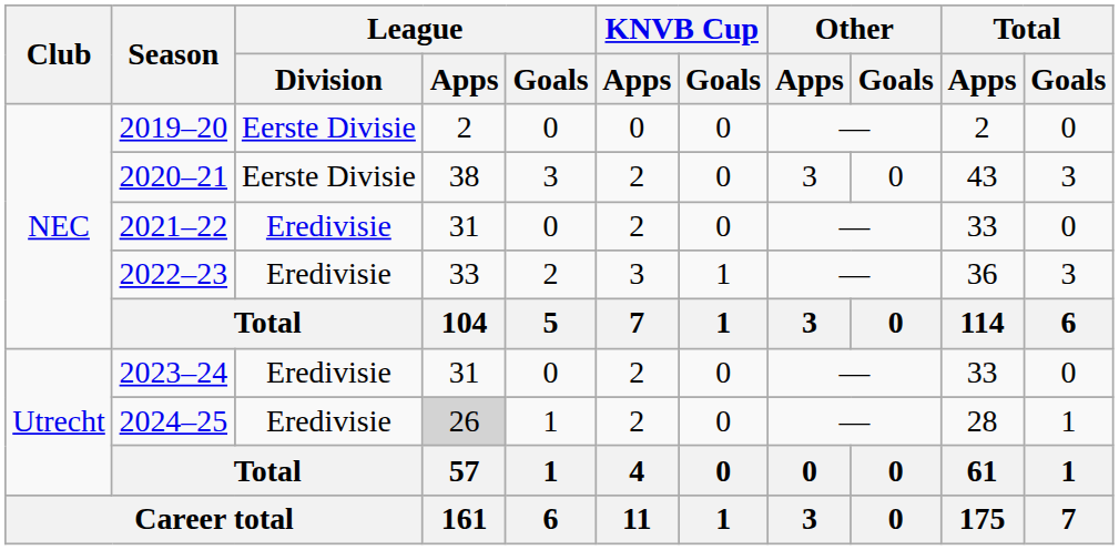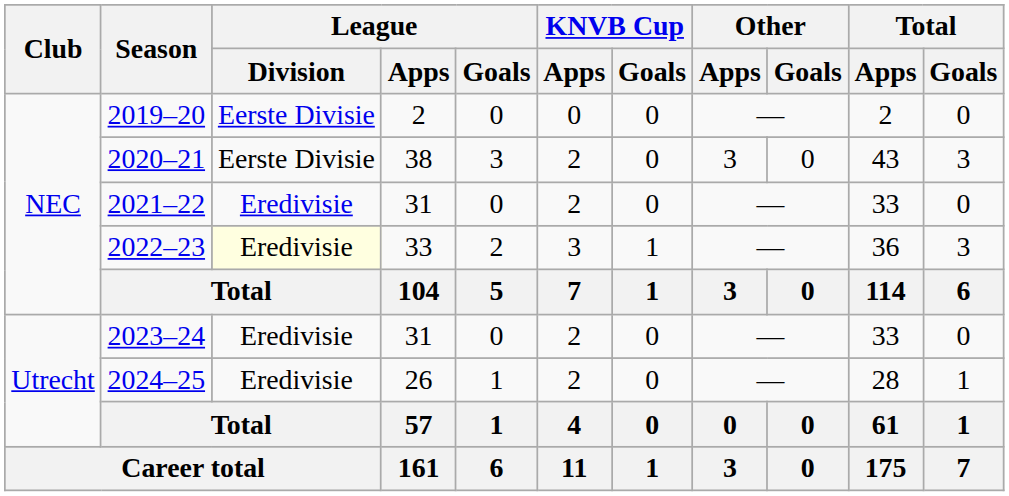 <table class="wikitable" style="text-align:center">
 <tr>
 <th rowspan="2">Club</th>
 <th rowspan="2">Season</th>
 <th colspan="3">League</th>
 <th colspan="2"><a href='#'>KNVB Cup</a></th>
 <th colspan="2">Other</th>
 <th colspan="2">Total</th>
 </tr>
 <tr>
 <th>Division</th>
 <th>Apps</th>
 <th>Goals</th>
 <th>Apps</th>
 <th>Goals</th>
 <th>Apps</th>
 <th>Goals</th>
 <th>Apps</th>
 <th>Goals</th>
 </tr>
 <tr>
 <td rowspan="5"><a href='#'>NEC</a></td>
 <td><a href='#'>2019–20</a></td>
 <td><a href='#'>Eerste Divisie</a></td>
 <td>2</td>
 <td>0</td>
 <td>0</td>
 <td>0</td>
 <td colspan="2">—</td>
 <td>2</td>
 <td>0</td>
 </tr>
 <tr>
 <td><a href='#'>2020–21</a></td>
 <td>Eerste Divisie</td>
 <td>38</td>
 <td>3</td>
 <td>2</td>
 <td>0</td>
 <td>3</td>
 <td>0</td>
 <td>43</td>
 <td>3</td>
 </tr>
 <tr>
 <td><a href='#'>2021–22</a></td>
 <td><a href='#'>Eredivisie</a></td>
 <td>31</td>
 <td>0</td>
 <td>2</td>
 <td>0</td>
 <td colspan="2">—</td>
 <td>33</td>
 <td>0</td>
 </tr>
 <tr>
 <td><a href='#'>2022–23</a></td>
-<td>Eredivisie</td>
+<td style="background: lightyellow;">Eredivisie</td>
 <td>33</td>
 <td>2</td>
 <td>3</td>
 <td>1</td>
 <td colspan="2">—</td>
 <td>36</td>
 <td>3</td>
 </tr>
 <tr>
 <th colspan="2">Total</th>
 <th>104</th>
 <th>5</th>
 <th>7</th>
 <th>1</th>
 <th>3</th>
 <th>0</th>
 <th>114</th>
 <th>6</th>
 </tr>
 <tr>
 <td rowspan="3"><a href='#'>Utrecht</a></td>
 <td><a href='#'>2023–24</a></td>
 <td>Eredivisie</td>
 <td>31</td>
 <td>0</td>
 <td>2</td>
 <td>0</td>
 <td colspan="2">—</td>
 <td>33</td>
 <td>0</td>
 </tr>
 <tr>
 <td><a href='#'>2024–25</a></td>
 <td>Eredivisie</td>
-<td style="background: lightgrey;">26</td>
+<td>26</td>
 <td>1</td>
 <td>2</td>
 <td>0</td>
 <td colspan="2">—</td>
 <td>28</td>
 <td>1</td>
 </tr>
 <tr>
 <th colspan="2">Total</th>
 <th>57</th>
 <th>1</th>
 <th>4</th>
 <th>0</th>
 <th>0</th>
 <th>0</th>
 <th>61</th>
 <th>1</th>
 </tr>
 <tr>
 <th colspan="3">Career total</th>
 <th>161</th>
 <th>6</th>
 <th>11</th>
 <th>1</th>
 <th>3</th>
 <th>0</th>
 <th>175</th>
 <th>7</th>
 </tr>
 </table>
